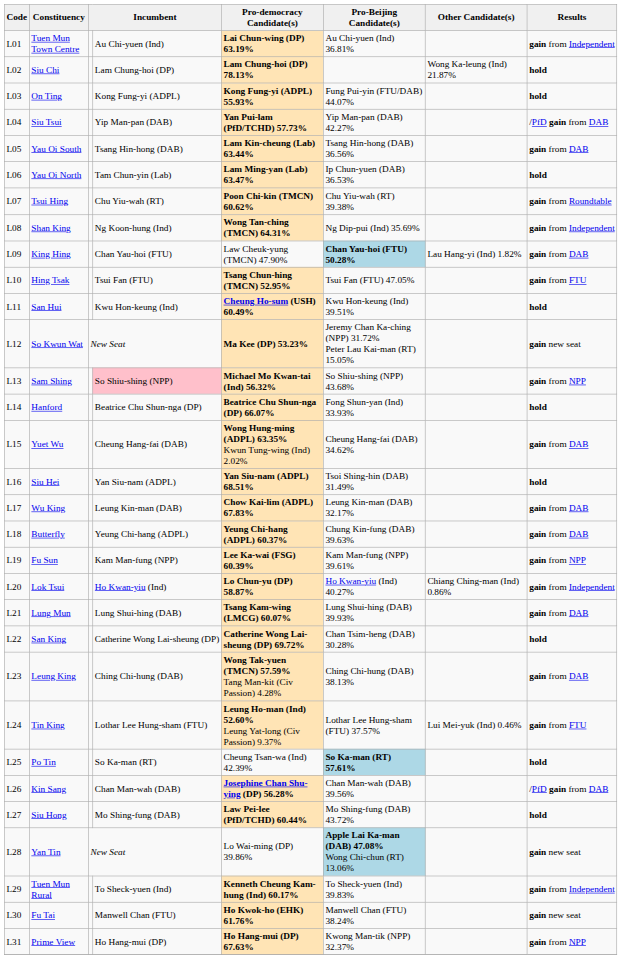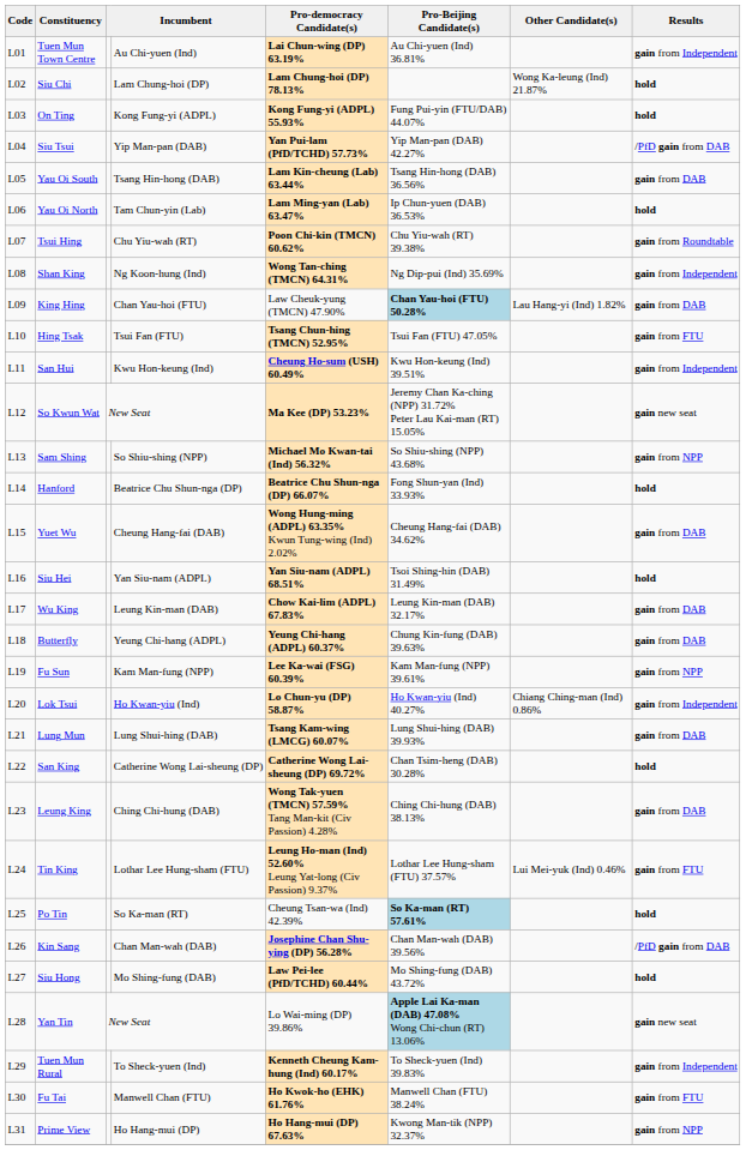 <table class="wikitable sortable" style="font-size: 95%;">
 <tr>
 <th align="center" style="background:#f0f0f0;" width="20px">Code</th>
 <th align="center" style="background:#f0f0f0;" width="90px">Constituency</th>
 <th align="center" style="background:#f0f0f0;" width="120px" colspan=2>Incumbent</th>
 <th align="center" style="background:#f0f0f0;" width="160px">Pro-democracy Candidate(s)</th>
 <th align="center" style="background:#f0f0f0;" width="160px">Pro-Beijing Candidate(s)</th>
 <th align="center" style="background:#f0f0f0;" width="160px">Other Candidate(s)</th>
 <th align="center" style="background:#f0f0f0;" width="100px" colspan="2">Results</th>
 </tr>
 <tr>
 <td>L01</td>
 <td><a href='#'>Tuen Mun Town Centre</a></td>
 <td></td>
 <td>Au Chi-yuen (Ind)</td>
 <td style="background-color:Moccasin"><strong>Lai Chun-wing (DP) 63.19%</strong></td>
 <td>Au Chi-yuen (Ind) 36.81%</td>
 <td></td>
 <td> <strong>gain</strong> from <a href='#'>Independent</a></td>
 </tr>
 <tr>
 <td>L02</td>
 <td><a href='#'>Siu Chi</a></td>
 <td></td>
 <td>Lam Chung-hoi (DP)</td>
 <td style="background-color:Moccasin"><strong>Lam Chung-hoi (DP) 78.13%</strong></td>
 <td></td>
 <td>Wong Ka-leung (Ind) 21.87%</td>
 <td> <strong>hold</strong></td>
 </tr>
 <tr>
 <td>L03</td>
 <td><a href='#'>On Ting</a></td>
 <td></td>
 <td>Kong Fung-yi (ADPL)</td>
 <td style="background-color:Moccasin"><strong>Kong Fung-yi (ADPL) 55.93%</strong></td>
 <td>Fung Pui-yin (FTU/DAB) 44.07%</td>
 <td></td>
 <td> <strong>hold</strong></td>
 </tr>
 <tr>
 <td>L04</td>
 <td><a href='#'>Siu Tsui</a></td>
 <td></td>
 <td>Yip Man-pan (DAB)</td>
 <td style="background-color:Moccasin"><strong>Yan Pui-lam (PfD/TCHD) 57.73%</strong></td>
 <td>Yip Man-pan (DAB) 42.27%</td>
 <td></td>
 <td>/<a href='#'>PfD</a> <strong>gain</strong> from <a href='#'>DAB</a></td>
 </tr>
 <tr>
 <td>L05</td>
 <td><a href='#'>Yau Oi South</a></td>
 <td></td>
 <td>Tsang Hin-hong (DAB)</td>
 <td style="background-color:Moccasin"><strong>Lam Kin-cheung (Lab) 63.44%</strong></td>
 <td>Tsang Hin-hong (DAB) 36.56%</td>
 <td></td>
 <td> <strong>gain</strong> from <a href='#'>DAB</a></td>
 </tr>
 <tr>
 <td>L06</td>
 <td><a href='#'>Yau Oi North</a></td>
 <td></td>
 <td>Tam Chun-yin (Lab)</td>
 <td style="background-color:Moccasin"><strong>Lam Ming-yan (Lab) 63.47%</strong></td>
 <td>Ip Chun-yuen (DAB) 36.53%</td>
 <td></td>
 <td> <strong>hold</strong></td>
 </tr>
 <tr>
 <td>L07</td>
 <td><a href='#'>Tsui Hing</a></td>
 <td></td>
 <td>Chu Yiu-wah (RT)</td>
 <td style="background-color:Moccasin"><strong>Poon Chi-kin (TMCN) 60.62%</strong></td>
 <td>Chu Yiu-wah (RT) 39.38%</td>
 <td></td>
 <td> <strong>gain</strong> from <a href='#'>Roundtable</a></td>
 </tr>
 <tr>
 <td>L08</td>
 <td><a href='#'>Shan King</a></td>
 <td></td>
 <td>Ng Koon-hung (Ind)</td>
 <td style="background-color:Moccasin"><strong>Wong Tan-ching (TMCN) 64.31%</strong></td>
 <td>Ng Dip-pui (Ind) 35.69%</td>
 <td></td>
 <td> <strong>gain</strong> from <a href='#'>Independent</a></td>
 </tr>
 <tr>
 <td>L09</td>
 <td><a href='#'>King Hing</a></td>
 <td></td>
 <td>Chan Yau-hoi (FTU)</td>
 <td>Law Cheuk-yung (TMCN) 47.90%</td>
 <td style="background-color:LightBlue"><strong>Chan Yau-hoi (FTU) 50.28%</strong></td>
 <td>Lau Hang-yi (Ind) 1.82%</td>
 <td> <strong>gain</strong> from <a href='#'>DAB</a></td>
 </tr>
 <tr>
 <td>L10</td>
 <td><a href='#'>Hing Tsak</a></td>
 <td></td>
 <td>Tsui Fan (FTU)</td>
 <td style="background-color:Moccasin"><strong>Tsang Chun-hing (TMCN) 52.95%</strong></td>
 <td>Tsui Fan (FTU) 47.05%</td>
 <td></td>
 <td> <strong>gain</strong> from <a href='#'>FTU</a></td>
 </tr>
 <tr>
 <td>L11</td>
 <td><a href='#'>San Hui</a></td>
 <td></td>
 <td>Kwu Hon-keung (Ind)</td>
 <td style="background-color:Moccasin"><strong><a href='#'>Cheung Ho-sum</a> (USH) 60.49%</strong></td>
 <td>Kwu Hon-keung (Ind) 39.51%</td>
 <td></td>
-<td> <strong>hold</strong></td>
+<td> <strong>gain</strong> from <a href='#'>Independent</a></td>
 </tr>
 <tr>
 <td>L12</td>
 <td><a href='#'>So Kwun Wat</a></td>
 <td colspan=2><em>New Seat</em></td>
 <td style="background-color:Moccasin"><strong>Ma Kee (DP) 53.23%</strong></td>
 <td>Jeremy Chan Ka-ching (NPP) 31.72%<br>Peter Lau Kai-man (RT) 15.05%</td>
 <td></td>
 <td> <strong>gain</strong> new seat</td>
 </tr>
 <tr>
 <td>L13</td>
 <td><a href='#'>Sam Shing</a></td>
 <td></td>
-<td style="background: pink;">So Shiu-shing (NPP)</td>
+<td>So Shiu-shing (NPP)</td>
 <td style="background-color:Moccasin"><strong>Michael Mo Kwan-tai (Ind) 56.32%</strong></td>
 <td>So Shiu-shing (NPP) 43.68%</td>
 <td></td>
 <td> <strong>gain</strong> from <a href='#'>NPP</a></td>
 </tr>
 <tr>
 <td>L14</td>
 <td><a href='#'>Hanford</a></td>
 <td></td>
 <td>Beatrice Chu Shun-nga (DP)</td>
 <td style="background-color:Moccasin"><strong>Beatrice Chu Shun-nga (DP) 66.07%</strong></td>
 <td>Fong Shun-yan (Ind) 33.93%</td>
 <td></td>
 <td> <strong>hold</strong></td>
 </tr>
 <tr>
 <td>L15</td>
 <td><a href='#'>Yuet Wu</a></td>
 <td></td>
 <td>Cheung Hang-fai (DAB)</td>
 <td style="background-color:Moccasin"><strong>Wong Hung-ming (ADPL) 63.35%</strong><br>Kwun Tung-wing (Ind) 2.02%</td>
 <td>Cheung Hang-fai (DAB) 34.62%</td>
 <td></td>
 <td> <strong>gain</strong> from <a href='#'>DAB</a></td>
 </tr>
 <tr>
 <td>L16</td>
 <td><a href='#'>Siu Hei</a></td>
 <td></td>
 <td>Yan Siu-nam (ADPL)</td>
 <td style="background-color:Moccasin"><strong>Yan Siu-nam (ADPL) 68.51%</strong></td>
 <td>Tsoi Shing-hin (DAB) 31.49%</td>
 <td></td>
 <td> <strong>hold</strong></td>
 </tr>
 <tr>
 <td>L17</td>
 <td><a href='#'>Wu King</a></td>
 <td></td>
 <td>Leung Kin-man (DAB)</td>
 <td style="background-color:Moccasin"><strong>Chow Kai-lim (ADPL) 67.83%</strong></td>
 <td>Leung Kin-man (DAB) 32.17%</td>
 <td></td>
 <td> <strong>gain</strong> from <a href='#'>DAB</a></td>
 </tr>
 <tr>
 <td>L18</td>
 <td><a href='#'>Butterfly</a></td>
 <td></td>
 <td>Yeung Chi-hang (ADPL)</td>
 <td style="background-color:Moccasin"><strong>Yeung Chi-hang (ADPL) 60.37%</strong></td>
 <td>Chung Kin-fung (DAB) 39.63%</td>
 <td></td>
 <td> <strong>gain</strong> from <a href='#'>DAB</a></td>
 </tr>
 <tr>
 <td>L19</td>
 <td><a href='#'>Fu Sun</a></td>
 <td></td>
 <td>Kam Man-fung (NPP)</td>
 <td style="background-color:Moccasin"><strong>Lee Ka-wai (FSG) 60.39%</strong></td>
 <td>Kam Man-fung (NPP) 39.61%</td>
 <td></td>
 <td> <strong>gain</strong> from <a href='#'>NPP</a></td>
 </tr>
 <tr>
 <td>L20</td>
 <td><a href='#'>Lok Tsui</a></td>
 <td></td>
 <td><a href='#'>Ho Kwan-yiu</a> (Ind)</td>
 <td style="background-color:Moccasin"><strong>Lo Chun-yu (DP) 58.87%</strong></td>
 <td><a href='#'>Ho Kwan-yiu</a> (Ind) 40.27%</td>
 <td>Chiang Ching-man (Ind) 0.86%</td>
 <td> <strong>gain</strong> from <a href='#'>Independent</a></td>
 </tr>
 <tr>
 <td>L21</td>
 <td><a href='#'>Lung Mun</a></td>
 <td></td>
 <td>Lung Shui-hing (DAB)</td>
 <td style="background-color:Moccasin"><strong>Tsang Kam-wing (LMCG) 60.07%</strong></td>
 <td>Lung Shui-hing (DAB) 39.93%</td>
 <td></td>
 <td> <strong>gain</strong> from <a href='#'>DAB</a></td>
 </tr>
 <tr>
 <td>L22</td>
 <td><a href='#'>San King</a></td>
 <td></td>
 <td>Catherine Wong Lai-sheung (DP)</td>
 <td style="background-color:Moccasin"><strong>Catherine Wong Lai-sheung (DP) 69.72%</strong></td>
 <td>Chan Tsim-heng (DAB) 30.28%</td>
 <td></td>
 <td> <strong>hold</strong></td>
 </tr>
 <tr>
 <td>L23</td>
 <td><a href='#'>Leung King</a></td>
 <td></td>
 <td>Ching Chi-hung (DAB)</td>
 <td style="background-color:Moccasin"><strong>Wong Tak-yuen (TMCN) 57.59%</strong><br>Tang Man-kit (Civ Passion) 4.28%</td>
 <td>Ching Chi-hung (DAB) 38.13%</td>
 <td></td>
 <td> <strong>gain</strong> from <a href='#'>DAB</a></td>
 </tr>
 <tr>
 <td>L24</td>
 <td><a href='#'>Tin King</a></td>
 <td></td>
 <td>Lothar Lee Hung-sham (FTU)</td>
 <td style="background-color:Moccasin"><strong>Leung Ho-man (Ind) 52.60%</strong><br>Leung Yat-long (Civ Passion) 9.37%</td>
 <td>Lothar Lee Hung-sham (FTU) 37.57%</td>
 <td>Lui Mei-yuk (Ind) 0.46%</td>
 <td> <strong>gain</strong> from <a href='#'>FTU</a></td>
 </tr>
 <tr>
 <td>L25</td>
 <td><a href='#'>Po Tin</a></td>
 <td></td>
 <td>So Ka-man (RT)</td>
 <td>Cheung Tsan-wa (Ind) 42.39%</td>
 <td style="background-color:LightBlue"><strong>So Ka-man (RT) 57.61%</strong></td>
 <td></td>
 <td> <strong>hold</strong></td>
 </tr>
 <tr>
 <td>L26</td>
 <td><a href='#'>Kin Sang</a></td>
 <td></td>
 <td>Chan Man-wah (DAB)</td>
 <td style="background-color:Moccasin"><strong><a href='#'>Josephine Chan Shu-ying</a> (DP) 56.28%</strong></td>
 <td>Chan Man-wah (DAB) 39.56%</td>
 <td></td>
 <td>/<a href='#'>PfD</a> <strong>gain</strong> from <a href='#'>DAB</a></td>
 </tr>
 <tr>
 <td>L27</td>
 <td><a href='#'>Siu Hong</a></td>
 <td></td>
 <td>Mo Shing-fung (DAB)</td>
 <td style="background-color:Moccasin"><strong>Law Pei-lee (PfD/TCHD) 60.44%</strong></td>
 <td>Mo Shing-fung (DAB) 43.72%</td>
 <td></td>
 <td> <strong>hold</strong></td>
 </tr>
 <tr>
 <td>L28</td>
 <td><a href='#'>Yan Tin</a></td>
 <td colspan=2><em>New Seat</em></td>
 <td>Lo Wai-ming (DP) 39.86%</td>
 <td style="background-color:LightBlue"><strong>Apple Lai Ka-man (DAB) 47.08%</strong><br>Wong Chi-chun (RT) 13.06%</td>
 <td></td>
 <td> <strong>gain</strong> new seat</td>
 </tr>
 <tr>
 <td>L29</td>
 <td><a href='#'>Tuen Mun Rural</a></td>
 <td></td>
 <td>To Sheck-yuen (Ind)</td>
 <td style="background-color:Moccasin"><strong>Kenneth Cheung Kam-hung (Ind) 60.17%</strong></td>
 <td>To Sheck-yuen (Ind) 39.83%</td>
 <td></td>
 <td> <strong>gain</strong> from <a href='#'>Independent</a></td>
 </tr>
 <tr>
 <td>L30</td>
 <td><a href='#'>Fu Tai</a></td>
 <td></td>
 <td>Manwell Chan (FTU)</td>
 <td style="background-color:Moccasin"><strong>Ho Kwok-ho (EHK) 61.76%</strong></td>
 <td>Manwell Chan (FTU) 38.24%</td>
 <td></td>
-<td> <strong>gain</strong> new seat</td>
+<td> <strong>gain</strong> from <a href='#'>FTU</a></td>
 </tr>
 <tr>
 <td>L31</td>
 <td><a href='#'>Prime View</a></td>
 <td></td>
 <td>Ho Hang-mui (DP)</td>
 <td style="background-color:Moccasin"><strong>Ho Hang-mui (DP) 67.63%</strong></td>
 <td>Kwong Man-tik (NPP) 32.37%</td>
 <td></td>
 <td> <strong>gain</strong> from <a href='#'>NPP</a></td>
 </tr>
 <tr>
 </tr>
 </table>
